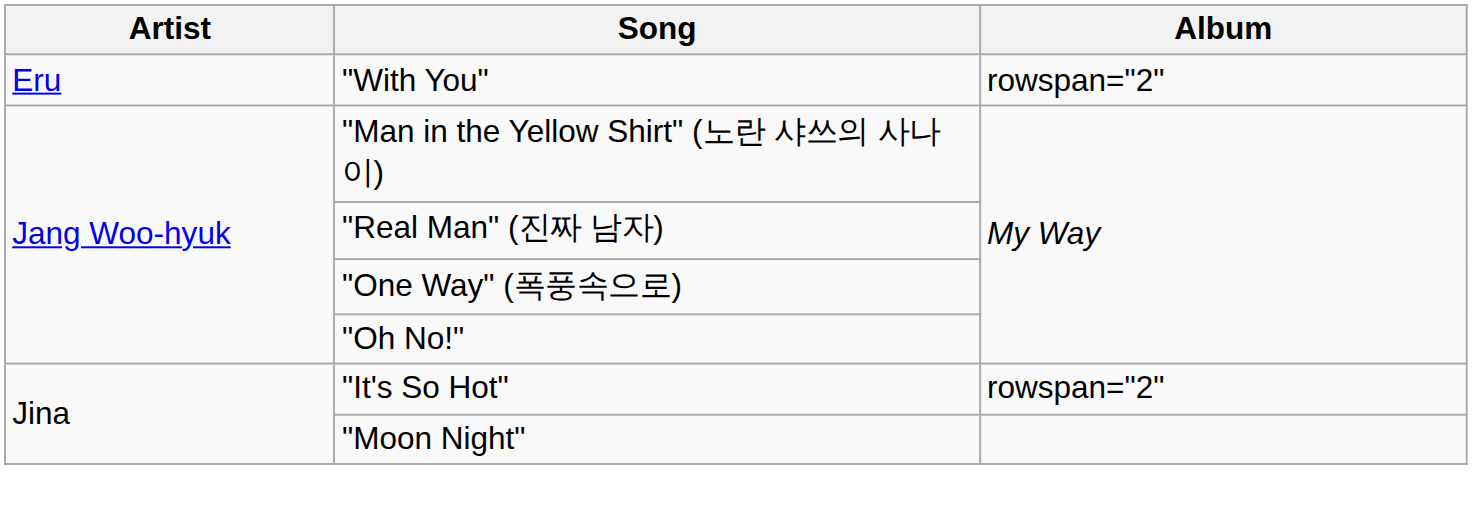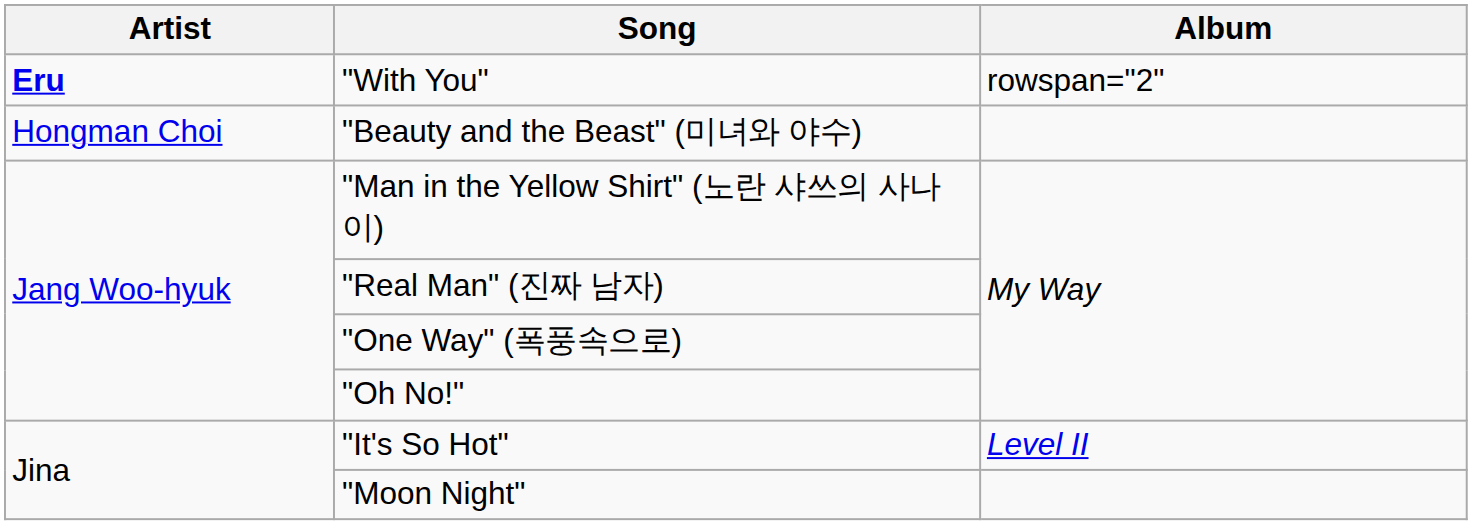 <table class="wikitable">
 <tr>
 <th style="width:10em">Artist</th>
 <th style="width:20em">Song</th>
 <th style="width:15em">Album</th>
 </tr>
 <tr>
-<td><a href='#'>Eru</a></td>
+<td><strong><a href='#'>Eru</a></strong></td>
 <td>"With You"</td>
 <td>rowspan="2" </td>
+</tr>
+<tr>
+<td><a href='#'>Hongman Choi</a></td>
+<td>"Beauty and the Beast" (미녀와 야수)</td>
+<td></td>
 </tr>
 <tr>
 <td rowspan="4"><a href='#'>Jang Woo-hyuk</a></td>
 <td>"Man in the Yellow Shirt" (노란 샤쓰의 사나이)</td>
 <td rowspan="4"><em>My Way</em></td>
 </tr>
 <tr>
 <td>"Real Man" (진짜 남자)</td>
 </tr>
 <tr>
 <td>"One Way" (폭풍속으로)</td>
 </tr>
 <tr>
 <td>"Oh No!"</td>
 </tr>
 <tr>
 <td rowspan="2">Jina</td>
 <td>"It's So Hot"</td>
-<td>rowspan="2" </td>
+<td><em><a href='#'>Level II</a></em></td>
 </tr>
 <tr>
 <td>"Moon Night"</td>
 </tr>
 </table>
